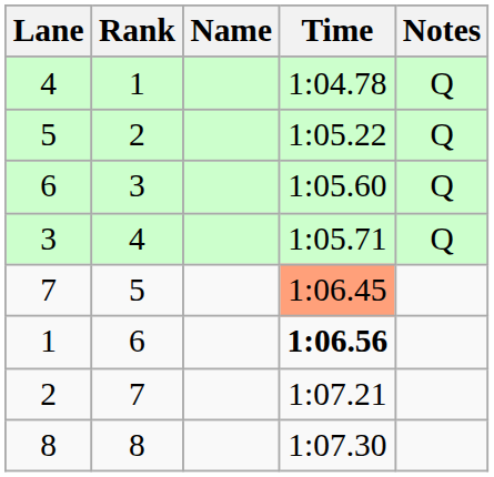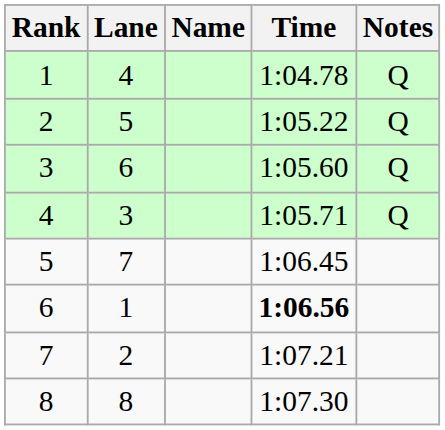 <table class="wikitable sortable" style="text-align:center">
 <tr>
+<th>Rank</th>
 <th>Lane</th>
-<th>Rank</th>
 <th>Name</th>
 <th>Time</th>
 <th>Notes</th>
 </tr>
 <tr bgcolor=ccffcc>
+<td>1</td>
 <td>4</td>
-<td>1</td>
 <td align=left></td>
 <td>1:04.78</td>
 <td>Q</td>
 </tr>
 <tr bgcolor=ccffcc>
+<td>2</td>
 <td>5</td>
-<td>2</td>
 <td align=left></td>
 <td>1:05.22</td>
 <td>Q</td>
 </tr>
 <tr bgcolor=ccffcc>
+<td>3</td>
 <td>6</td>
-<td>3</td>
 <td align=left></td>
 <td>1:05.60</td>
 <td>Q</td>
 </tr>
 <tr bgcolor=ccffcc>
+<td>4</td>
 <td>3</td>
-<td>4</td>
 <td align=left></td>
 <td>1:05.71</td>
 <td>Q</td>
 </tr>
 <tr>
+<td>5</td>
 <td>7</td>
-<td>5</td>
 <td align=left></td>
-<td style="background: lightsalmon;">1:06.45</td>
+<td>1:06.45</td>
 <td></td>
 </tr>
 <tr>
+<td>6</td>
 <td>1</td>
-<td>6</td>
 <td align=left></td>
 <td><strong>1:06.56</strong></td>
 <td></td>
 </tr>
 <tr>
+<td>7</td>
 <td>2</td>
-<td>7</td>
 <td align=left></td>
 <td>1:07.21</td>
 <td></td>
 </tr>
 <tr>
 <td>8</td>
 <td>8</td>
 <td align=left></td>
 <td>1:07.30</td>
 <td></td>
 </tr>
 </table>
